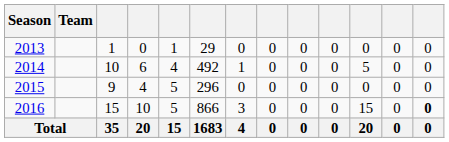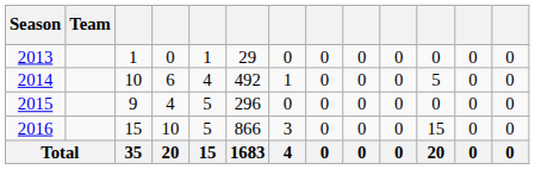 <table class="wikitable" style="text-align:center; line-height:90%; font-size:95%;">
 <tr style="line-height:175%;">
 <th>Season</th>
 <th>Team</th>
 <th style="width:25px;"></th>
 <th style="width:25px;"></th>
 <th style="width:25px;"></th>
 <th style="width:25px;"></th>
 <th style="width:25px;"></th>
 <th style="width:25px;"></th>
 <th style="width:25px;"></th>
 <th style="width:25px;"></th>
 <th style="width:25px;"></th>
 <th style="width:25px;"></th>
 <th style="width:25px;"></th>
 </tr>
 <tr>
 <td><a href='#'>2013</a></td>
 <td></td>
 <td>1</td>
 <td>0</td>
 <td>1</td>
 <td>29</td>
 <td>0</td>
 <td>0</td>
 <td>0</td>
 <td>0</td>
 <td>0</td>
 <td>0</td>
 <td>0</td>
 </tr>
 <tr>
 <td><a href='#'>2014</a></td>
 <td></td>
 <td>10</td>
 <td>6</td>
 <td>4</td>
 <td>492</td>
 <td>1</td>
 <td>0</td>
 <td>0</td>
 <td>0</td>
 <td>5</td>
 <td>0</td>
 <td>0</td>
 </tr>
 <tr>
 <td><a href='#'>2015</a></td>
 <td></td>
 <td>9</td>
 <td>4</td>
 <td>5</td>
 <td>296</td>
 <td>0</td>
 <td>0</td>
 <td>0</td>
 <td>0</td>
 <td>0</td>
 <td>0</td>
 <td>0</td>
 </tr>
 <tr>
 <td><a href='#'>2016</a></td>
 <td></td>
 <td>15</td>
 <td>10</td>
 <td>5</td>
 <td>866</td>
 <td>3</td>
 <td>0</td>
 <td>0</td>
 <td>0</td>
 <td>15</td>
 <td>0</td>
-<td><strong>0</strong></td>
+<td>0</td>
 </tr>
 <tr>
 <th colspan="2">Total</th>
 <th>35</th>
 <th>20</th>
 <th>15</th>
 <th>1683</th>
 <th>4</th>
 <th>0</th>
 <th>0</th>
 <th>0</th>
 <th>20</th>
 <th>0</th>
 <th>0</th>
 </tr>
 </table>
